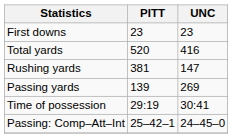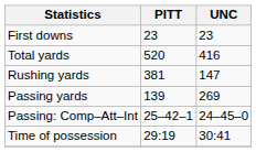 <table class="wikitable" style="float: left;">
 <tr>
 <th>Statistics</th>
 <th>PITT</th>
 <th>UNC</th>
 </tr>
 <tr>
 <td>First downs</td>
 <td>23</td>
 <td>23</td>
 </tr>
 <tr>
 <td>Total yards</td>
 <td>520</td>
 <td>416</td>
 </tr>
 <tr>
 <td>Rushing yards</td>
 <td>381</td>
 <td>147</td>
 </tr>
 <tr>
 <td>Passing yards</td>
 <td>139</td>
 <td>269</td>
 </tr>
 <tr>
+<td>Passing: Comp–Att–Int</td>
+<td>25–42–1</td>
+<td>24–45–0</td>
+</tr>
+<tr>
 <td>Time of possession</td>
 <td>29:19</td>
 <td>30:41</td>
 </tr>
 <tr>
-<td>Passing: Comp–Att–Int</td>
-<td>25–42–1</td>
-<td>24–45–0</td>
-</tr>
-<tr>
 </tr>
 </table>
